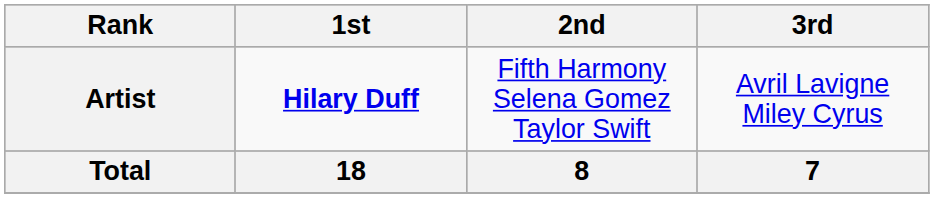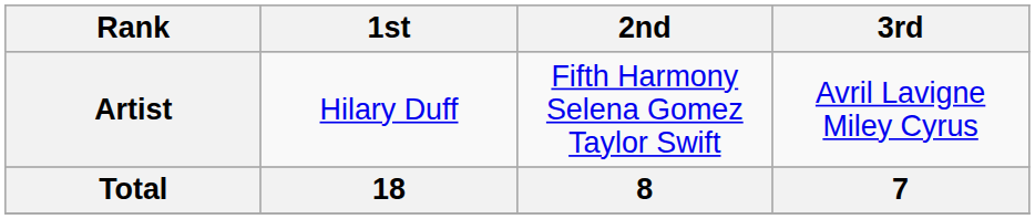 <table class="wikitable">
 <tr>
 <th style="width:130px;">Rank</th>
 <th style="width:130px;">1st</th>
 <th style="width:130px;">2nd</th>
 <th style="width:130px;">3rd</th>
 </tr>
 <tr align=center>
 <th>Artist</th>
-<td><strong><a href='#'>Hilary Duff</a></strong></td>
+<td><a href='#'>Hilary Duff</a></td>
 <td><a href='#'>Fifth Harmony</a><br><a href='#'>Selena Gomez</a><br><a href='#'>Taylor Swift</a></td>
 <td><a href='#'>Avril Lavigne</a><br><a href='#'>Miley Cyrus</a></td>
 </tr>
 <tr style="text-align:center;"|-align=center>
 <th>Total</th>
 <th>18</th>
 <th>8</th>
 <th>7</th>
 </tr>
 <tr>
 </tr>
 </table>
